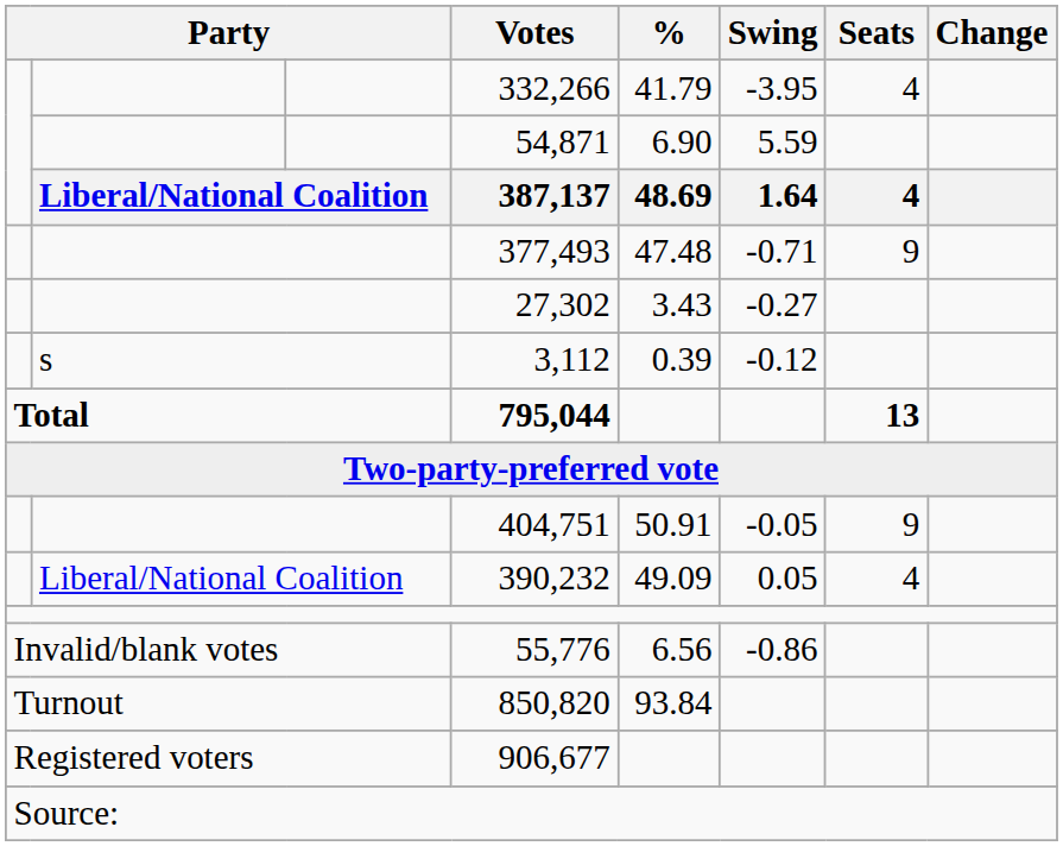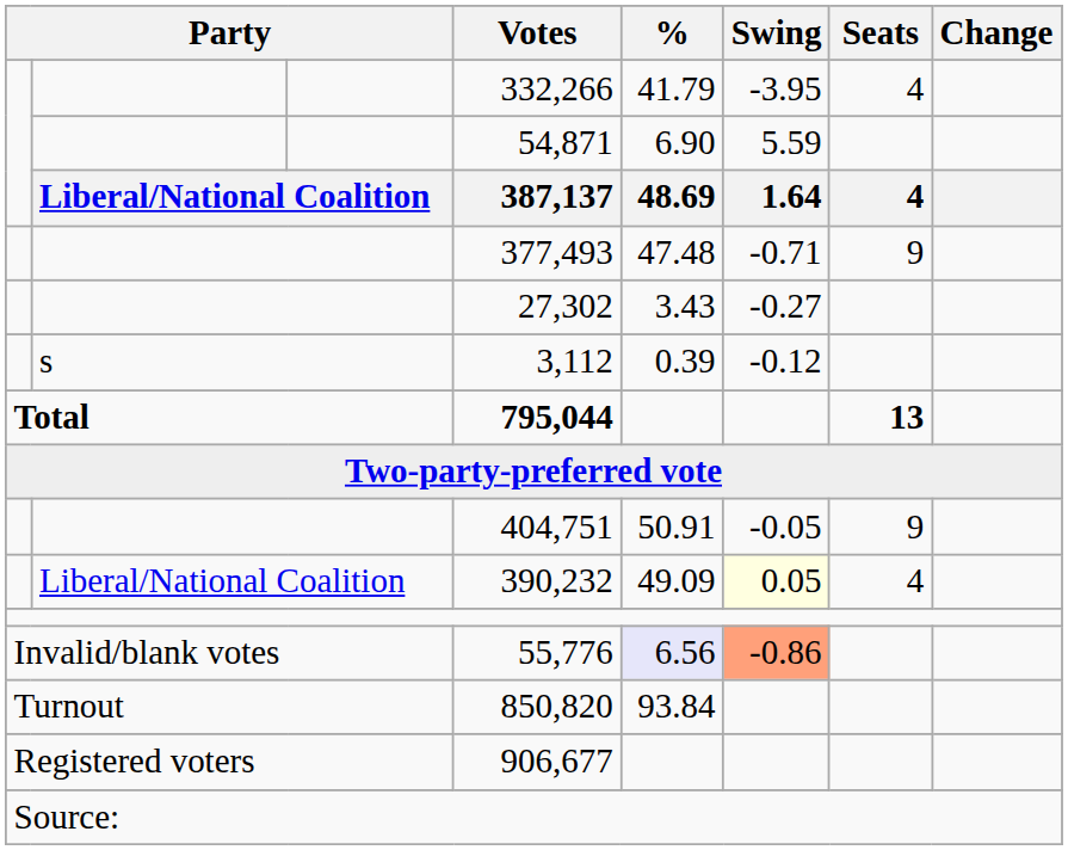 <table class="wikitable">
 <tr>
 <th colspan="3" style="width:200px"><strong>Party</strong></th>
 <th style="width:70px; text-align:center;"><strong>Votes</strong></th>
 <th style="width:40px; text-align:center;"><strong>%</strong></th>
 <th style="width:40px; text-align:center;"><strong>Swing</strong></th>
 <th style="width:40px; text-align:center;"><strong>Seats</strong></th>
 <th style="width:40px; text-align:center;"><strong>Change</strong></th>
 </tr>
 <tr>
 <td rowspan="3"> </td>
 <td> </td>
 <td></td>
 <td align=right>332,266</td>
 <td align=right>41.79</td>
 <td align=right>-3.95</td>
 <td align=right>4</td>
 <td align=right></td>
 </tr>
 <tr>
 <td> </td>
 <td></td>
 <td align=right>54,871</td>
 <td align=right>6.90</td>
 <td align=right>5.59</td>
 <td align=right></td>
 <td align=right></td>
 </tr>
 <tr>
 <th colspan="2" style="text-align:left;"><a href='#'>Liberal/National Coalition</a></th>
 <th style="text-align:right;">387,137</th>
 <th style="text-align:right;">48.69</th>
 <th style="text-align:right;">1.64</th>
 <th style="text-align:right;">4</th>
 <th style="text-align:right;"></th>
 </tr>
 <tr>
 <td> </td>
 <td colspan=2></td>
 <td align=right>377,493</td>
 <td align=right>47.48</td>
 <td align=right>-0.71</td>
 <td align=right>9</td>
 <td align=right></td>
 </tr>
 <tr>
 <td> </td>
 <td colspan=2></td>
 <td align=right>27,302</td>
 <td align=right>3.43</td>
 <td align=right>-0.27</td>
 <td align=right></td>
 <td align=right></td>
 </tr>
 <tr>
 <td> </td>
 <td colspan=2>s</td>
 <td align=right>3,112</td>
 <td align=right>0.39</td>
 <td align=right>-0.12</td>
 <td align=right></td>
 <td align=right></td>
 </tr>
 <tr>
 <td colspan="3" align="left"><strong>Total</strong></td>
 <td align=right><strong>795,044</strong></td>
 <td align=right></td>
 <td align=right></td>
 <td align=right><strong>13</strong></td>
 <td align=right></td>
 </tr>
 <tr>
 <td colspan="8" style="text-align:center; background:#eee;"><strong><a href='#'>Two-party-preferred vote</a></strong></td>
 </tr>
 <tr>
 <td> </td>
 <td colspan=2></td>
 <td align=right>404,751</td>
 <td align=right>50.91</td>
 <td align=right>-0.05</td>
 <td align=right>9</td>
 <td align=right></td>
 </tr>
 <tr>
 <td> </td>
 <td colspan=2><a href='#'>Liberal/National Coalition</a></td>
 <td align=right>390,232</td>
 <td align=right>49.09</td>
-<td align=right>0.05</td>
+<td align=right style="background: lightyellow;">0.05</td>
 <td align=right>4</td>
 <td align=right></td>
 </tr>
 <tr>
 <td colspan="8"></td>
 </tr>
 <tr>
 <td colspan="3" style="text-align:left;">Invalid/blank votes</td>
 <td align=right>55,776</td>
-<td align=right>6.56</td>
-<td align=right>-0.86</td>
+<td align=right style="background: lavender;">6.56</td>
+<td align=right style="background: lightsalmon;">-0.86</td>
 <td></td>
 <td></td>
 </tr>
 <tr>
 <td colspan="3" style="text-align:left;">Turnout</td>
 <td align=right>850,820</td>
 <td align=right>93.84</td>
 <td></td>
 <td></td>
 <td></td>
 </tr>
 <tr>
 <td colspan="3" style="text-align:left;">Registered voters</td>
 <td align=right>906,677</td>
 <td></td>
 <td></td>
 <td></td>
 <td></td>
 </tr>
 <tr>
 <td colspan="8" align="left">Source: </td>
 </tr>
 </table>
